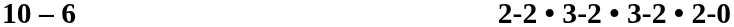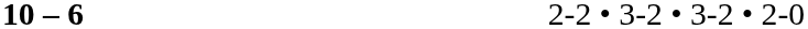 <table>
 <tr>
 <th width=200></th>
 <th width=80></th>
 <th width=200></th>
 <th width=220></th>
 </tr>
 <tr>
 <td align=right><strong></strong></td>
 <td align=center><strong>10 – 6</strong></td>
 <td></td>
-<td><strong>2-2 • 3-2 • 3-2 • 2-0</strong></td>
+<td>2-2 • 3-2 • 3-2 • 2-0</td>
 </tr>
 </table>
